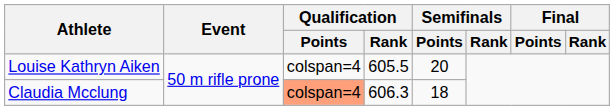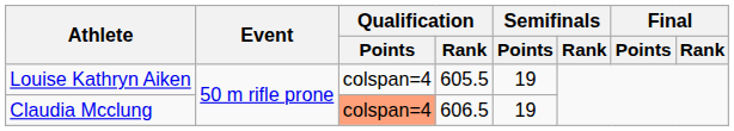 <table class="wikitable" style="font-size:90%;">
 <tr>
 <th rowspan=2>Athlete</th>
 <th rowspan=2>Event</th>
 <th colspan=2>Qualification</th>
 <th colspan=2>Semifinals</th>
 <th colspan=2>Final</th>
 </tr>
 <tr style="font-size:95%">
 <th>Points</th>
 <th>Rank</th>
 <th>Points</th>
 <th>Rank</th>
 <th>Points</th>
 <th>Rank</th>
 </tr>
 <tr align=center>
 <td align=left><a href='#'>Louise Kathryn Aiken</a></td>
 <td style="text-align:left;" rowspan="2"><a href='#'>50 m rifle prone</a></td>
 <td>colspan=4 </td>
 <td>605.5</td>
-<td>20</td>
+<td>19</td>
 </tr>
 <tr align=center>
 <td align=left><a href='#'>Claudia Mcclung</a></td>
 <td style="background: lightsalmon;">colspan=4 </td>
-<td>606.3</td>
-<td>18</td>
+<td>606.5</td>
+<td>19</td>
 </tr>
 </table>
